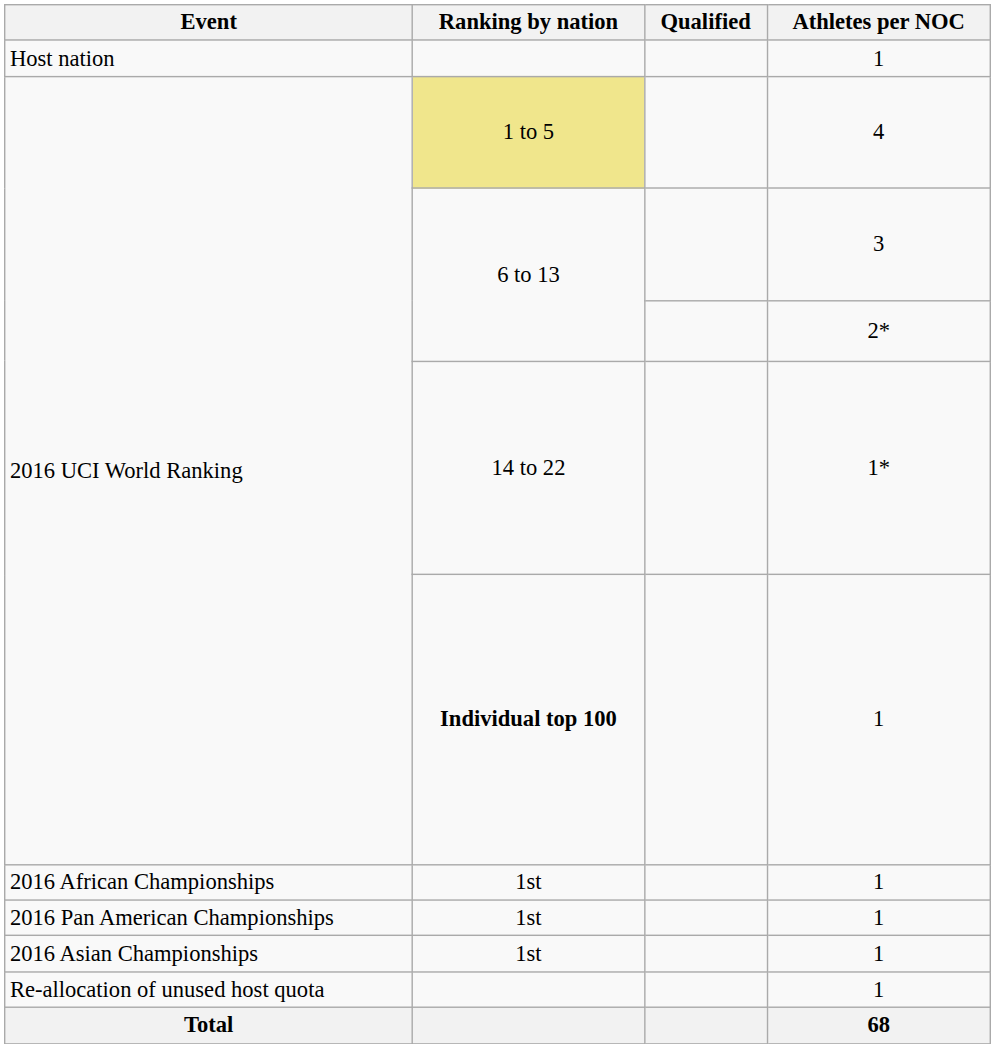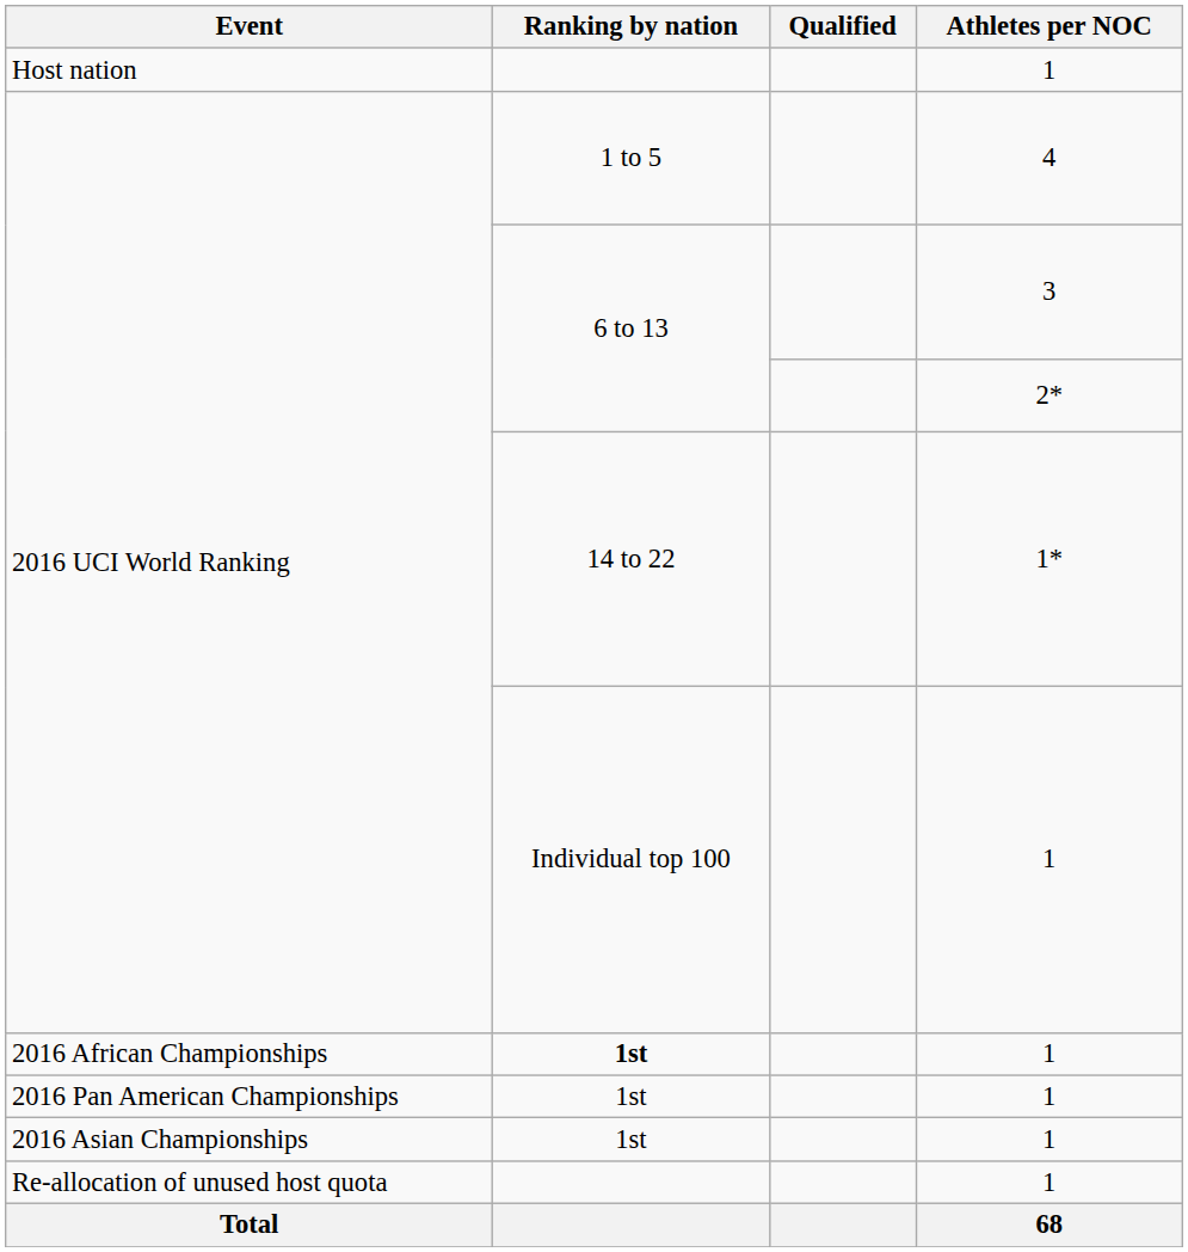 <table class="wikitable"  style="width:700px; text-align:center;">
 <tr>
 <th>Event</th>
 <th>Ranking by nation</th>
 <th>Qualified</th>
 <th>Athletes per NOC</th>
 </tr>
 <tr>
 <td align=left>Host nation</td>
 <td></td>
 <td align="left"></td>
 <td>1</td>
 </tr>
 <tr>
 <td rowspan=5 align=left>2016 UCI World Ranking</td>
-<td style="background: khaki;">1 to 5</td>
+<td>1 to 5</td>
 <td align="left"><br><br><br><br></td>
 <td>4</td>
 </tr>
 <tr>
 <td rowspan="2">6 to 13</td>
 <td align="left"><br><br><br><br></td>
 <td>3</td>
 </tr>
 <tr>
 <td align="left"><br><br></td>
 <td>2*</td>
 </tr>
 <tr>
 <td>14 to 22</td>
 <td align="left"><br><br><br><br><br><br><br><br></td>
 <td>1*</td>
 </tr>
 <tr>
-<td><strong>Individual top 100</strong></td>
+<td>Individual top 100</td>
 <td align="left"><br><br><br><br><br><br><br><br><br><br><br></td>
 <td>1</td>
 </tr>
 <tr>
 <td align=left>2016 African Championships</td>
-<td>1st</td>
+<td><strong>1st</strong></td>
 <td align="left"></td>
 <td>1</td>
 </tr>
 <tr>
 <td align=left>2016 Pan American Championships</td>
 <td>1st</td>
 <td align="left"></td>
 <td>1</td>
 </tr>
 <tr>
 <td align=left>2016 Asian Championships</td>
 <td>1st</td>
 <td align="left"></td>
 <td>1</td>
 </tr>
 <tr>
 <td align=left>Re-allocation of unused host quota</td>
 <td></td>
 <td align="left"></td>
 <td>1</td>
 </tr>
 <tr>
 <th>Total</th>
 <th></th>
 <th></th>
 <th>68</th>
 </tr>
 </table>
